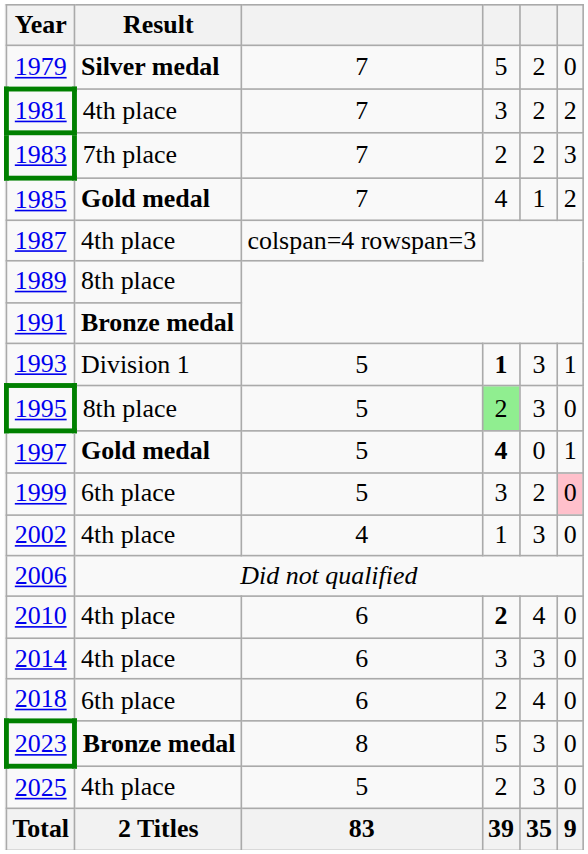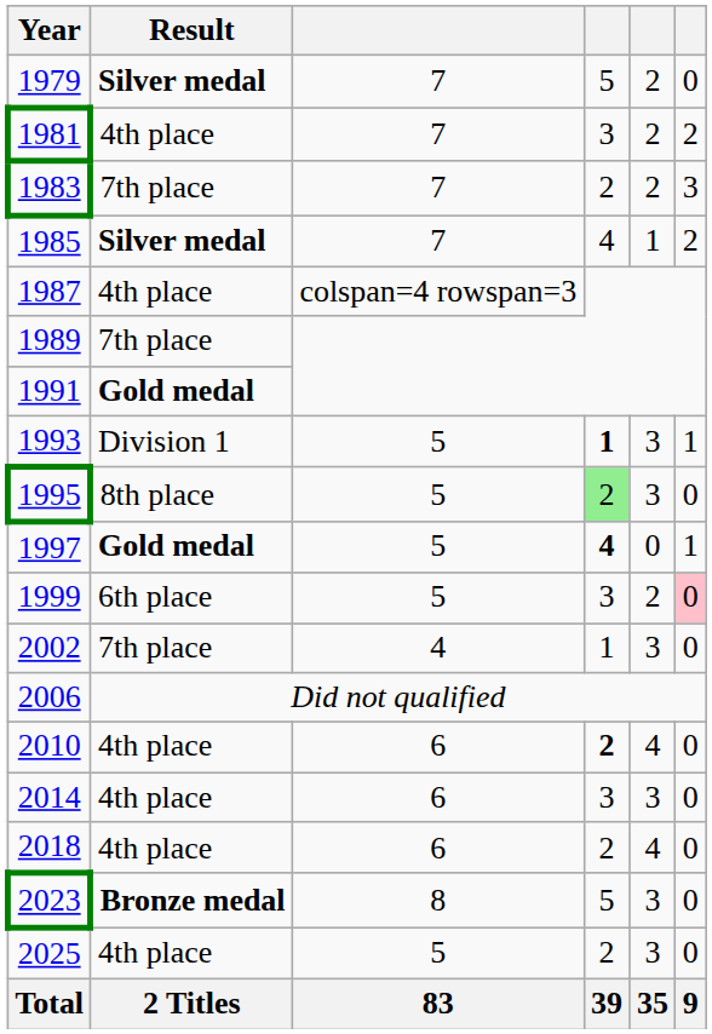 <table class="wikitable" style="text-align: center;">
 <tr>
 <th>Year</th>
 <th>Result</th>
 <th></th>
 <th></th>
 <th></th>
 <th></th>
 </tr>
 <tr>
 <td> <a href='#'>1979</a></td>
 <td style="text-align:left;"><strong> Silver medal</strong></td>
 <td>7</td>
 <td>5</td>
 <td>2</td>
 <td>0</td>
 </tr>
 <tr>
 <td style="border: 3px solid green"> <a href='#'>1981</a></td>
 <td style="text-align:left;">4th place</td>
 <td>7</td>
 <td>3</td>
 <td>2</td>
 <td>2</td>
 </tr>
 <tr>
 <td style="border: 3px solid green"> <a href='#'>1983</a></td>
 <td style="text-align:left;">7th place</td>
 <td>7</td>
 <td>2</td>
 <td>2</td>
 <td>3</td>
 </tr>
 <tr>
 <td> <a href='#'>1985</a></td>
-<td style="text-align:left;"><strong> Gold medal</strong></td>
+<td style="text-align:left;"><strong> Silver medal</strong></td>
 <td>7</td>
 <td>4</td>
 <td>1</td>
 <td>2</td>
 </tr>
 <tr>
 <td> <a href='#'>1987</a></td>
 <td style="text-align:left;">4th place</td>
 <td>colspan=4 rowspan=3 </td>
 </tr>
 <tr>
 <td> <a href='#'>1989</a></td>
-<td style="text-align:left;">8th place</td>
+<td style="text-align:left;">7th place</td>
 </tr>
 <tr>
 <td> <a href='#'>1991</a></td>
-<td style="text-align:left;"><strong> Bronze medal</strong></td>
+<td style="text-align:left;"><strong> Gold medal</strong></td>
 </tr>
 <tr>
 <td> <a href='#'>1993</a></td>
 <td style="text-align:left;">Division 1</td>
 <td>5</td>
 <td><strong>1</strong></td>
 <td>3</td>
 <td>1</td>
 </tr>
 <tr>
 <td style="border: 3px solid green"> <a href='#'>1995</a></td>
 <td style="text-align:left;">8th place</td>
 <td>5</td>
 <td style="background: lightgreen;">2</td>
 <td>3</td>
 <td>0</td>
 </tr>
 <tr>
 <td> <a href='#'>1997</a></td>
 <td style="text-align:left;"><strong> Gold medal</strong></td>
 <td>5</td>
 <td><strong>4</strong></td>
 <td>0</td>
 <td>1</td>
 </tr>
 <tr>
 <td> <a href='#'>1999</a></td>
 <td style="text-align:left;">6th place</td>
 <td>5</td>
 <td>3</td>
 <td>2</td>
 <td style="background: pink;">0</td>
 </tr>
 <tr>
 <td> <a href='#'>2002</a></td>
-<td style="text-align:left;">4th place</td>
+<td style="text-align:left;">7th place</td>
 <td>4</td>
 <td>1</td>
 <td>3</td>
 <td>0</td>
 </tr>
 <tr>
 <td> <a href='#'>2006</a></td>
 <td style="text-align:center;" colspan=5><em>Did not qualified</em></td>
 </tr>
 <tr>
 <td> <a href='#'>2010</a></td>
 <td style="text-align:left;">4th place</td>
 <td>6</td>
 <td><strong>2</strong></td>
 <td>4</td>
 <td>0</td>
 </tr>
 <tr>
 <td> <a href='#'>2014</a></td>
 <td style="text-align:left;">4th place</td>
 <td>6</td>
 <td>3</td>
 <td>3</td>
 <td>0</td>
 </tr>
 <tr>
 <td> <a href='#'>2018</a></td>
-<td style="text-align:left;">6th place</td>
+<td style="text-align:left;">4th place</td>
 <td>6</td>
 <td>2</td>
 <td>4</td>
 <td>0</td>
 </tr>
 <tr>
 <td style="border: 3px solid green"> <a href='#'>2023</a></td>
 <td style="text-align:left;"><strong> Bronze medal</strong></td>
 <td>8</td>
 <td>5</td>
 <td>3</td>
 <td>0</td>
 </tr>
 <tr>
 <td> <a href='#'>2025</a></td>
 <td style="text-align:left;">4th place</td>
 <td>5</td>
 <td>2</td>
 <td>3</td>
 <td>0</td>
 </tr>
 <tr>
 <th>Total</th>
 <th>2 Titles</th>
 <th>83</th>
 <th>39</th>
 <th>35</th>
 <th>9</th>
 </tr>
 </table>
